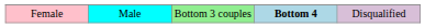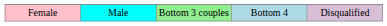 <table border="2" cellpadding="4" style="border: 1px solid gray; border-collapse: collapse; margin:1em auto; text-align:center;">
 <tr>
 </tr>
 <tr>
 <td style="background:pink; width:20%;">Female</td>
 <td style="background:cyan; width:20%;">Male</td>
 <td style="background:lightgreen; width:20%;">Bottom 3 couples</td>
-<td style="background:lightblue; width:20%;"><strong>Bottom 4</strong></td>
+<td style="background:lightblue; width:20%;">Bottom 4</td>
 <td style="background:thistle; width:20%;">Disqualified</td>
 </tr>
 </table>
